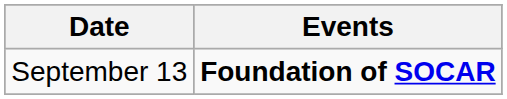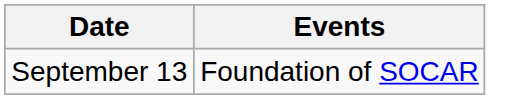 <table class="wikitable">
 <tr>
 <th>Date</th>
 <th>Events</th>
 </tr>
 <tr>
 <td>September 13</td>
-<td><strong>Foundation of <a href='#'>SOCAR</a></strong></td>
+<td>Foundation of <a href='#'>SOCAR</a></td>
 </tr>
 </table>
